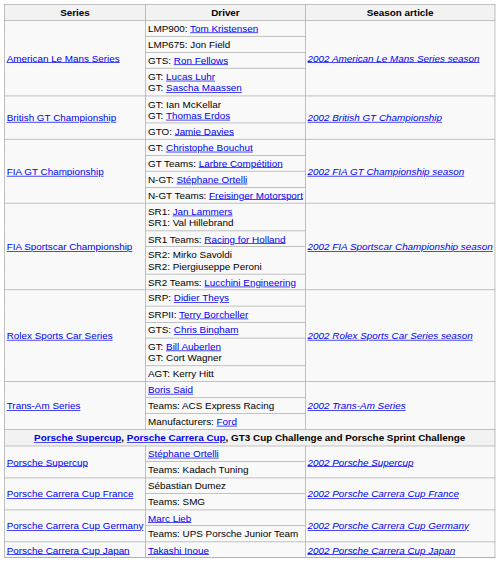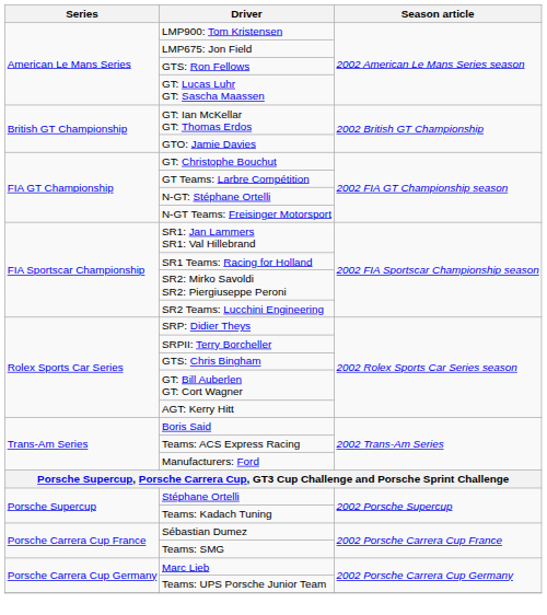 <table class="wikitable" style="font-size:87%;">
 <tr>
 <th>Series</th>
 <th>Driver</th>
 <th>Season article</th>
 </tr>
 <tr>
 <td rowspan=4><a href='#'>American Le Mans Series</a></td>
 <td>LMP900:  <a href='#'>Tom Kristensen</a></td>
 <td rowspan=4><em><a href='#'>2002 American Le Mans Series season</a></em></td>
 </tr>
 <tr>
 <td>LMP675:  Jon Field</td>
 </tr>
 <tr>
 <td>GTS:  <a href='#'>Ron Fellows</a></td>
 </tr>
 <tr>
 <td>GT:  <a href='#'>Lucas Luhr</a><br>GT:  <a href='#'>Sascha Maassen</a></td>
 </tr>
 <tr>
 <td rowspan=2><a href='#'>British GT Championship</a></td>
 <td>GT:  Ian McKellar<br>GT:  <a href='#'>Thomas Erdos</a></td>
 <td rowspan=2><em><a href='#'>2002 British GT Championship</a></em></td>
 </tr>
 <tr>
 <td>GTO:  <a href='#'>Jamie Davies</a></td>
 </tr>
 <tr>
 <td rowspan=4><a href='#'>FIA GT Championship</a></td>
 <td>GT:  <a href='#'>Christophe Bouchut</a></td>
 <td rowspan=4><em><a href='#'>2002 FIA GT Championship season</a></em></td>
 </tr>
 <tr>
 <td>GT Teams:  <a href='#'>Larbre Compétition</a></td>
 </tr>
 <tr>
 <td>N-GT:  <a href='#'>Stéphane Ortelli</a></td>
 </tr>
 <tr>
 <td>N-GT Teams:  <a href='#'>Freisinger Motorsport</a></td>
 </tr>
 <tr>
 <td rowspan=4><a href='#'>FIA Sportscar Championship</a></td>
 <td>SR1:  <a href='#'>Jan Lammers</a><br>SR1:  Val Hillebrand</td>
 <td rowspan=4><em><a href='#'>2002 FIA Sportscar Championship season</a></em></td>
 </tr>
 <tr>
 <td>SR1 Teams:  <a href='#'>Racing for Holland</a></td>
 </tr>
 <tr>
 <td>SR2:  Mirko Savoldi<br>SR2:  Piergiuseppe Peroni</td>
 </tr>
 <tr>
 <td>SR2 Teams:  <a href='#'>Lucchini Engineering</a></td>
 </tr>
 <tr>
 <td rowspan=5><a href='#'>Rolex Sports Car Series</a></td>
 <td>SRP:  <a href='#'>Didier Theys</a></td>
 <td rowspan=5><em><a href='#'>2002 Rolex Sports Car Series season</a></em></td>
 </tr>
 <tr>
 <td>SRPII:  <a href='#'>Terry Borcheller</a></td>
 </tr>
 <tr>
 <td>GTS:  <a href='#'>Chris Bingham</a></td>
 </tr>
 <tr>
 <td>GT:  <a href='#'>Bill Auberlen</a><br>GT:  Cort Wagner</td>
 </tr>
 <tr>
 <td>AGT:  Kerry Hitt</td>
 </tr>
 <tr>
 <td rowspan="3"><a href='#'>Trans-Am Series</a></td>
 <td> <a href='#'>Boris Said</a></td>
 <td rowspan="3"><em><a href='#'>2002 Trans-Am Series</a></em></td>
 </tr>
 <tr>
 <td>Teams:  ACS Express Racing</td>
 </tr>
 <tr>
 <td>Manufacturers:  <a href='#'>Ford</a></td>
 </tr>
 <tr>
 <th colspan="3"><a href='#'>Porsche Supercup</a>, <a href='#'>Porsche Carrera Cup</a>, GT3 Cup Challenge and Porsche Sprint Challenge</th>
 </tr>
 <tr>
 <td rowspan=2><a href='#'>Porsche Supercup</a></td>
 <td> <a href='#'>Stéphane Ortelli</a></td>
 <td rowspan=2><em><a href='#'>2002 Porsche Supercup</a></em></td>
 </tr>
 <tr>
 <td>Teams:  Kadach Tuning</td>
 </tr>
 <tr>
 <td rowspan=2><a href='#'>Porsche Carrera Cup France</a></td>
 <td> Sébastian Dumez</td>
 <td rowspan=2><em><a href='#'>2002 Porsche Carrera Cup France</a></em></td>
 </tr>
 <tr>
 <td>Teams:  SMG</td>
 </tr>
 <tr>
 <td rowspan=2><a href='#'>Porsche Carrera Cup Germany</a></td>
 <td> <a href='#'>Marc Lieb</a></td>
 <td rowspan=2><em><a href='#'>2002 Porsche Carrera Cup Germany</a></em></td>
 </tr>
 <tr>
 <td>Teams:  UPS Porsche Junior Team</td>
 </tr>
 <tr>
-<td><a href='#'>Porsche Carrera Cup Japan</a></td>
-<td> <a href='#'>Takashi Inoue</a></td>
-<td><em><a href='#'>2002 Porsche Carrera Cup Japan</a></em></td>
-</tr>
-<tr>
 </tr>
 </table>
